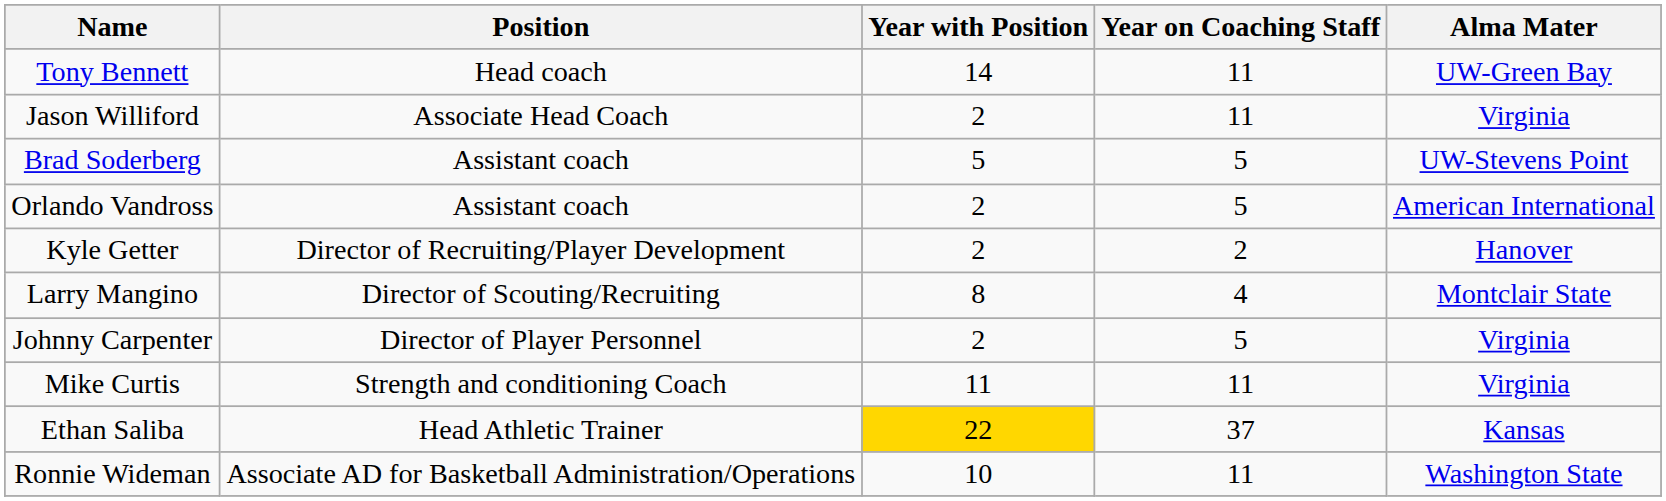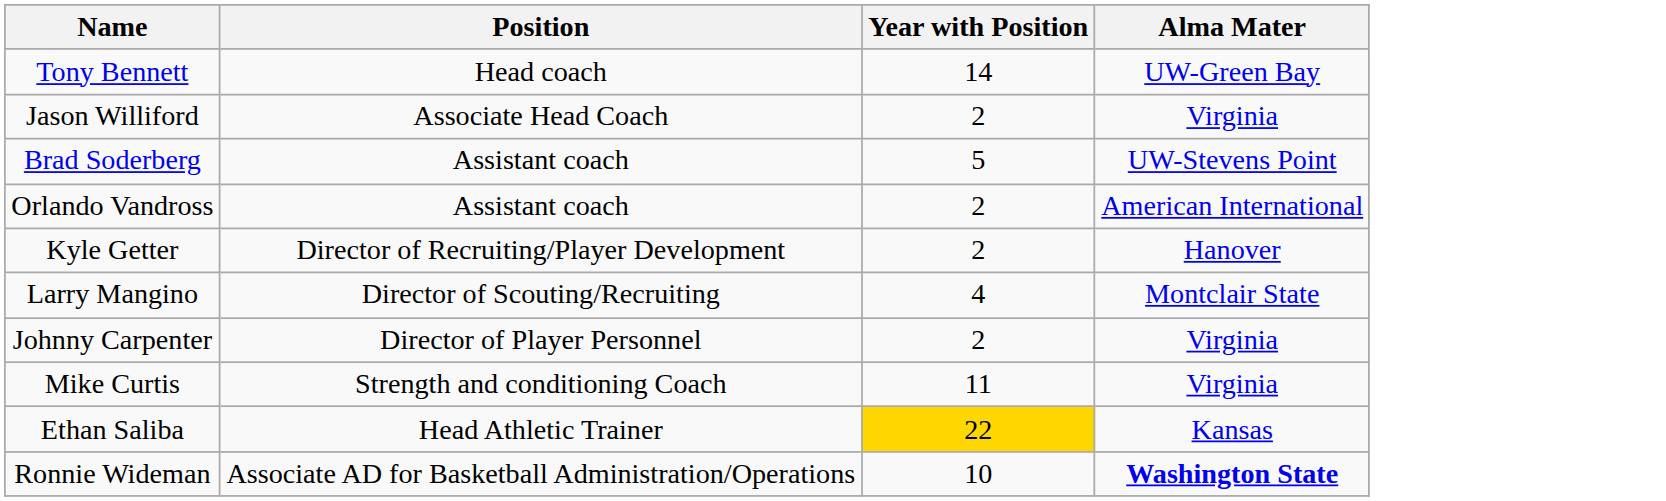 <table class="wikitable sortable sortable" style="text-align: center">
 <tr align=center>
 <th>Name</th>
 <th>Position</th>
 <th>Year with Position</th>
-<th>Year on Coaching Staff</th>
 <th>Alma Mater</th>
 </tr>
 <tr>
 <td><a href='#'>Tony Bennett</a></td>
 <td>Head coach</td>
 <td>14</td>
-<td>11</td>
 <td><a href='#'>UW-Green Bay</a></td>
 </tr>
 <tr>
 <td>Jason Williford</td>
 <td>Associate Head Coach</td>
 <td>2</td>
-<td>11</td>
 <td><a href='#'>Virginia</a></td>
 </tr>
 <tr>
 <td><a href='#'>Brad Soderberg</a></td>
 <td>Assistant coach</td>
-<td>5</td>
 <td>5</td>
 <td><a href='#'>UW-Stevens Point</a></td>
 </tr>
 <tr>
 <td>Orlando Vandross</td>
 <td>Assistant coach</td>
 <td>2</td>
-<td>5</td>
 <td><a href='#'>American International</a></td>
 </tr>
 <tr>
 <td>Kyle Getter</td>
 <td>Director of Recruiting/Player Development</td>
 <td>2</td>
-<td>2</td>
 <td><a href='#'>Hanover</a></td>
 </tr>
 <tr>
 <td>Larry Mangino</td>
 <td>Director of Scouting/Recruiting</td>
-<td>8</td>
 <td>4</td>
 <td><a href='#'>Montclair State</a></td>
 </tr>
 <tr>
 <td>Johnny Carpenter</td>
 <td>Director of Player Personnel</td>
 <td>2</td>
-<td>5</td>
 <td><a href='#'>Virginia</a></td>
 </tr>
 <tr>
 <td>Mike Curtis</td>
 <td>Strength and conditioning Coach</td>
-<td>11</td>
 <td>11</td>
 <td><a href='#'>Virginia</a></td>
 </tr>
 <tr>
 <td>Ethan Saliba</td>
 <td>Head Athletic Trainer</td>
 <td style="background: gold;">22</td>
-<td>37</td>
 <td><a href='#'>Kansas</a></td>
 </tr>
 <tr>
 <td>Ronnie Wideman</td>
 <td>Associate AD for Basketball Administration/Operations</td>
 <td>10</td>
-<td>11</td>
-<td><a href='#'>Washington State</a></td>
+<td><strong><a href='#'>Washington State</a></strong></td>
 </tr>
 </table>
